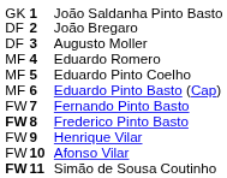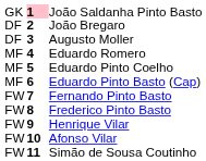 <table style="font-size:90%; margin:0.2em auto;" cellspacing="0" cellpadding="0">
 <tr>
 <th width="25"></th>
 <th width="25"></th>
 </tr>
 <tr>
 <td>GK</td>
-<td><strong>1</strong></td>
+<td style="background: pink;"><strong>1</strong></td>
 <td> João Saldanha Pinto Basto</td>
 </tr>
 <tr>
 <td>DF</td>
 <td><strong>2</strong></td>
 <td> João Bregaro</td>
 </tr>
 <tr>
 <td>DF</td>
 <td><strong>3</strong></td>
 <td> Augusto Moller</td>
 </tr>
 <tr>
 <td>MF</td>
 <td><strong>4</strong></td>
 <td> Eduardo Romero</td>
 </tr>
 <tr>
 <td>MF</td>
 <td><strong>5</strong></td>
 <td> Eduardo Pinto Coelho</td>
 </tr>
 <tr>
 <td>MF</td>
 <td><strong>6</strong></td>
 <td> <a href='#'>Eduardo Pinto Basto</a> (<a href='#'>Cap</a>)</td>
 </tr>
 <tr>
 <td>FW</td>
 <td><strong>7</strong></td>
 <td> <a href='#'>Fernando Pinto Basto</a></td>
 </tr>
 <tr>
-<td><strong>FW</strong></td>
+<td>FW</td>
 <td><strong>8</strong></td>
 <td> <a href='#'>Frederico Pinto Basto</a></td>
 </tr>
 <tr>
 <td>FW</td>
 <td><strong>9</strong></td>
 <td> <a href='#'>Henrique Vilar</a></td>
 </tr>
 <tr>
 <td>FW</td>
 <td><strong>10</strong></td>
 <td> <a href='#'>Afonso Vilar</a></td>
 </tr>
 <tr>
-<td><strong>FW</strong></td>
+<td>FW</td>
 <td><strong>11</strong></td>
 <td> Simão de Sousa Coutinho</td>
 </tr>
 <tr>
 </tr>
 </table>
